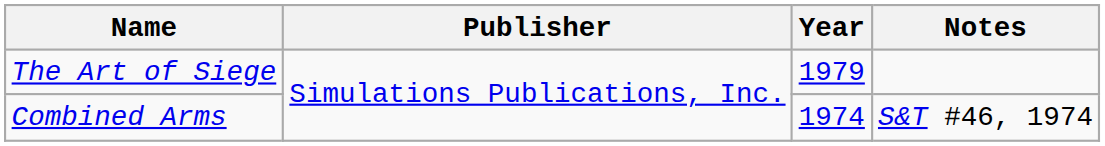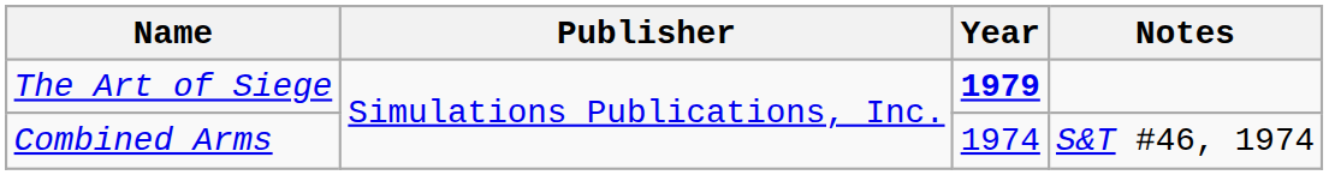 <table class="wikitable sortable">
 <tr>
 <th>Name</th>
 <th>Publisher</th>
 <th>Year</th>
 <th>Notes</th>
 </tr>
 <tr>
 <td><em><a href='#'>The Art of Siege</a></em></td>
 <td rowspan="2"><a href='#'>Simulations Publications, Inc.</a></td>
-<td><a href='#'>1979</a></td>
+<td><strong><a href='#'>1979</a></strong></td>
 <td></td>
 </tr>
 <tr>
 <td><em><a href='#'>Combined Arms</a></em></td>
 <td><a href='#'>1974</a></td>
 <td><em><a href='#'>S&T</a></em> #46, 1974</td>
 </tr>
 </table>
